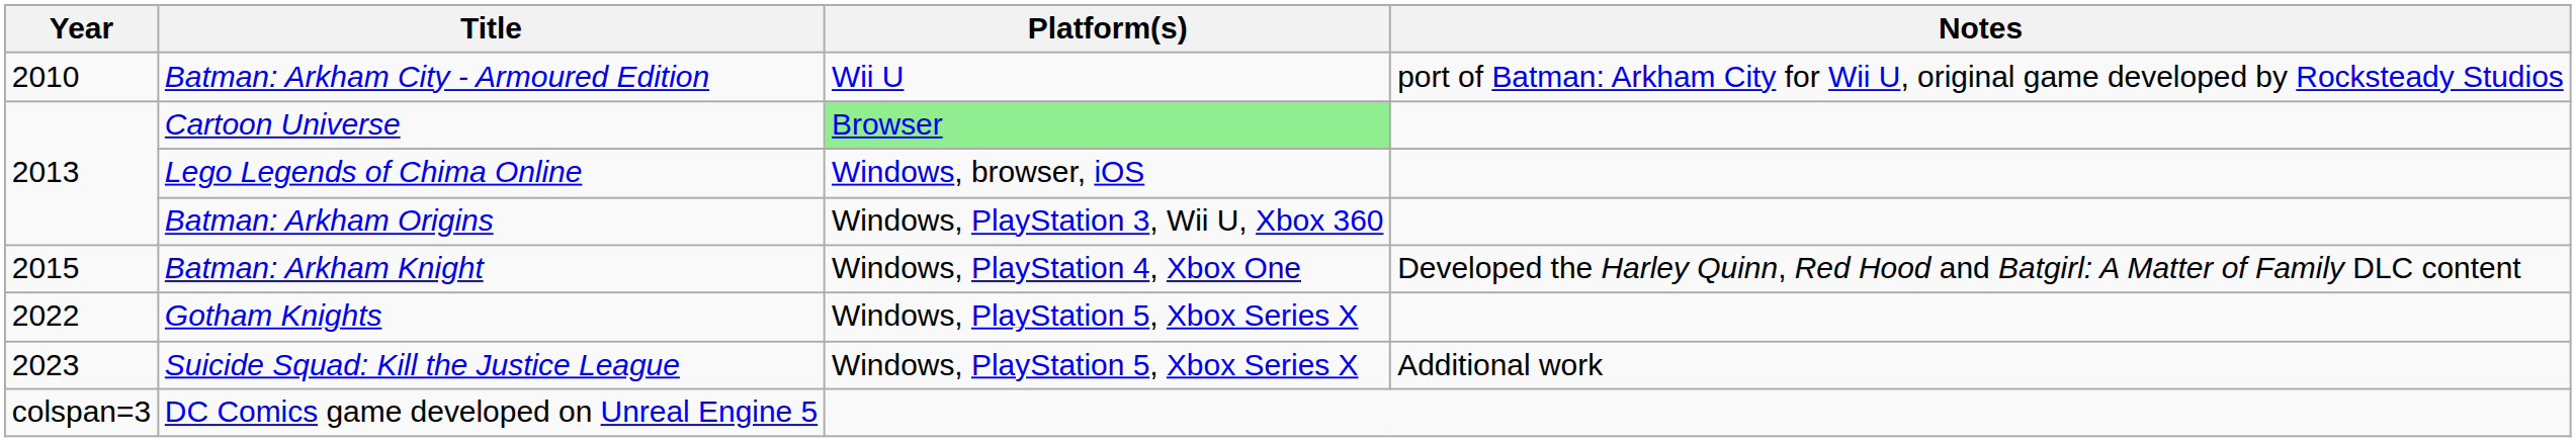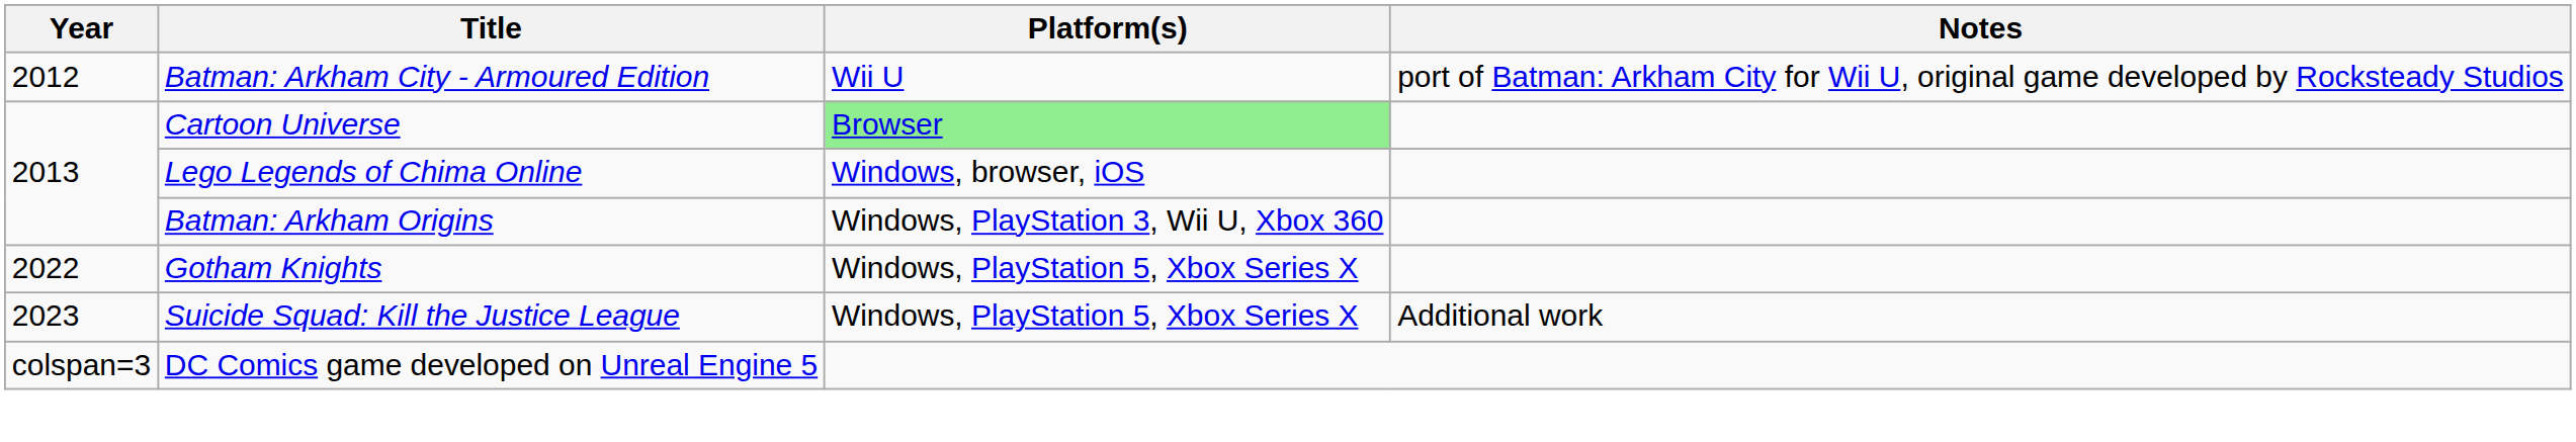 <table class="wikitable sortable">
 <tr>
 <th>Year</th>
 <th>Title</th>
 <th>Platform(s)</th>
 <th>Notes</th>
 </tr>
 <tr>
-<td>2010</td>
+<td>2012</td>
 <td><em><a href='#'>Batman: Arkham City - Armoured Edition</a></em></td>
 <td><a href='#'>Wii U</a></td>
 <td>port of <a href='#'>Batman: Arkham City</a> for <a href='#'>Wii U</a>, original game developed by <a href='#'>Rocksteady Studios</a></td>
 </tr>
 <tr>
 <td rowspan=3>2013</td>
 <td><em><a href='#'>Cartoon Universe</a></em></td>
 <td style="background: lightgreen;"><a href='#'>Browser</a></td>
 <td></td>
 </tr>
 <tr>
 <td><em><a href='#'>Lego Legends of Chima Online</a></em></td>
 <td><a href='#'>Windows</a>, browser, <a href='#'>iOS</a></td>
 <td></td>
 </tr>
 <tr>
 <td><em><a href='#'>Batman: Arkham Origins</a></em></td>
 <td>Windows, <a href='#'>PlayStation 3</a>, Wii U, <a href='#'>Xbox 360</a></td>
 <td></td>
 </tr>
 <tr>
-<td>2015</td>
-<td><em><a href='#'>Batman: Arkham Knight</a></em></td>
-<td>Windows, <a href='#'>PlayStation 4</a>, <a href='#'>Xbox One</a></td>
-<td>Developed the <em>Harley Quinn</em>, <em>Red Hood</em> and <em>Batgirl: A Matter of Family</em> DLC content</td>
-</tr>
-<tr>
 <td>2022</td>
 <td><em><a href='#'>Gotham Knights</a></em></td>
 <td>Windows, <a href='#'>PlayStation 5</a>, <a href='#'>Xbox Series X</a></td>
 <td></td>
 </tr>
 <tr>
 <td>2023</td>
 <td><em><a href='#'>Suicide Squad: Kill the Justice League</a></em></td>
 <td>Windows, <a href='#'>PlayStation 5</a>, <a href='#'>Xbox Series X</a></td>
 <td>Additional work</td>
 </tr>
 <tr>
 <td>colspan=3 </td>
 <td><a href='#'>DC Comics</a> game developed on <a href='#'>Unreal Engine 5</a></td>
 </tr>
 </table>
